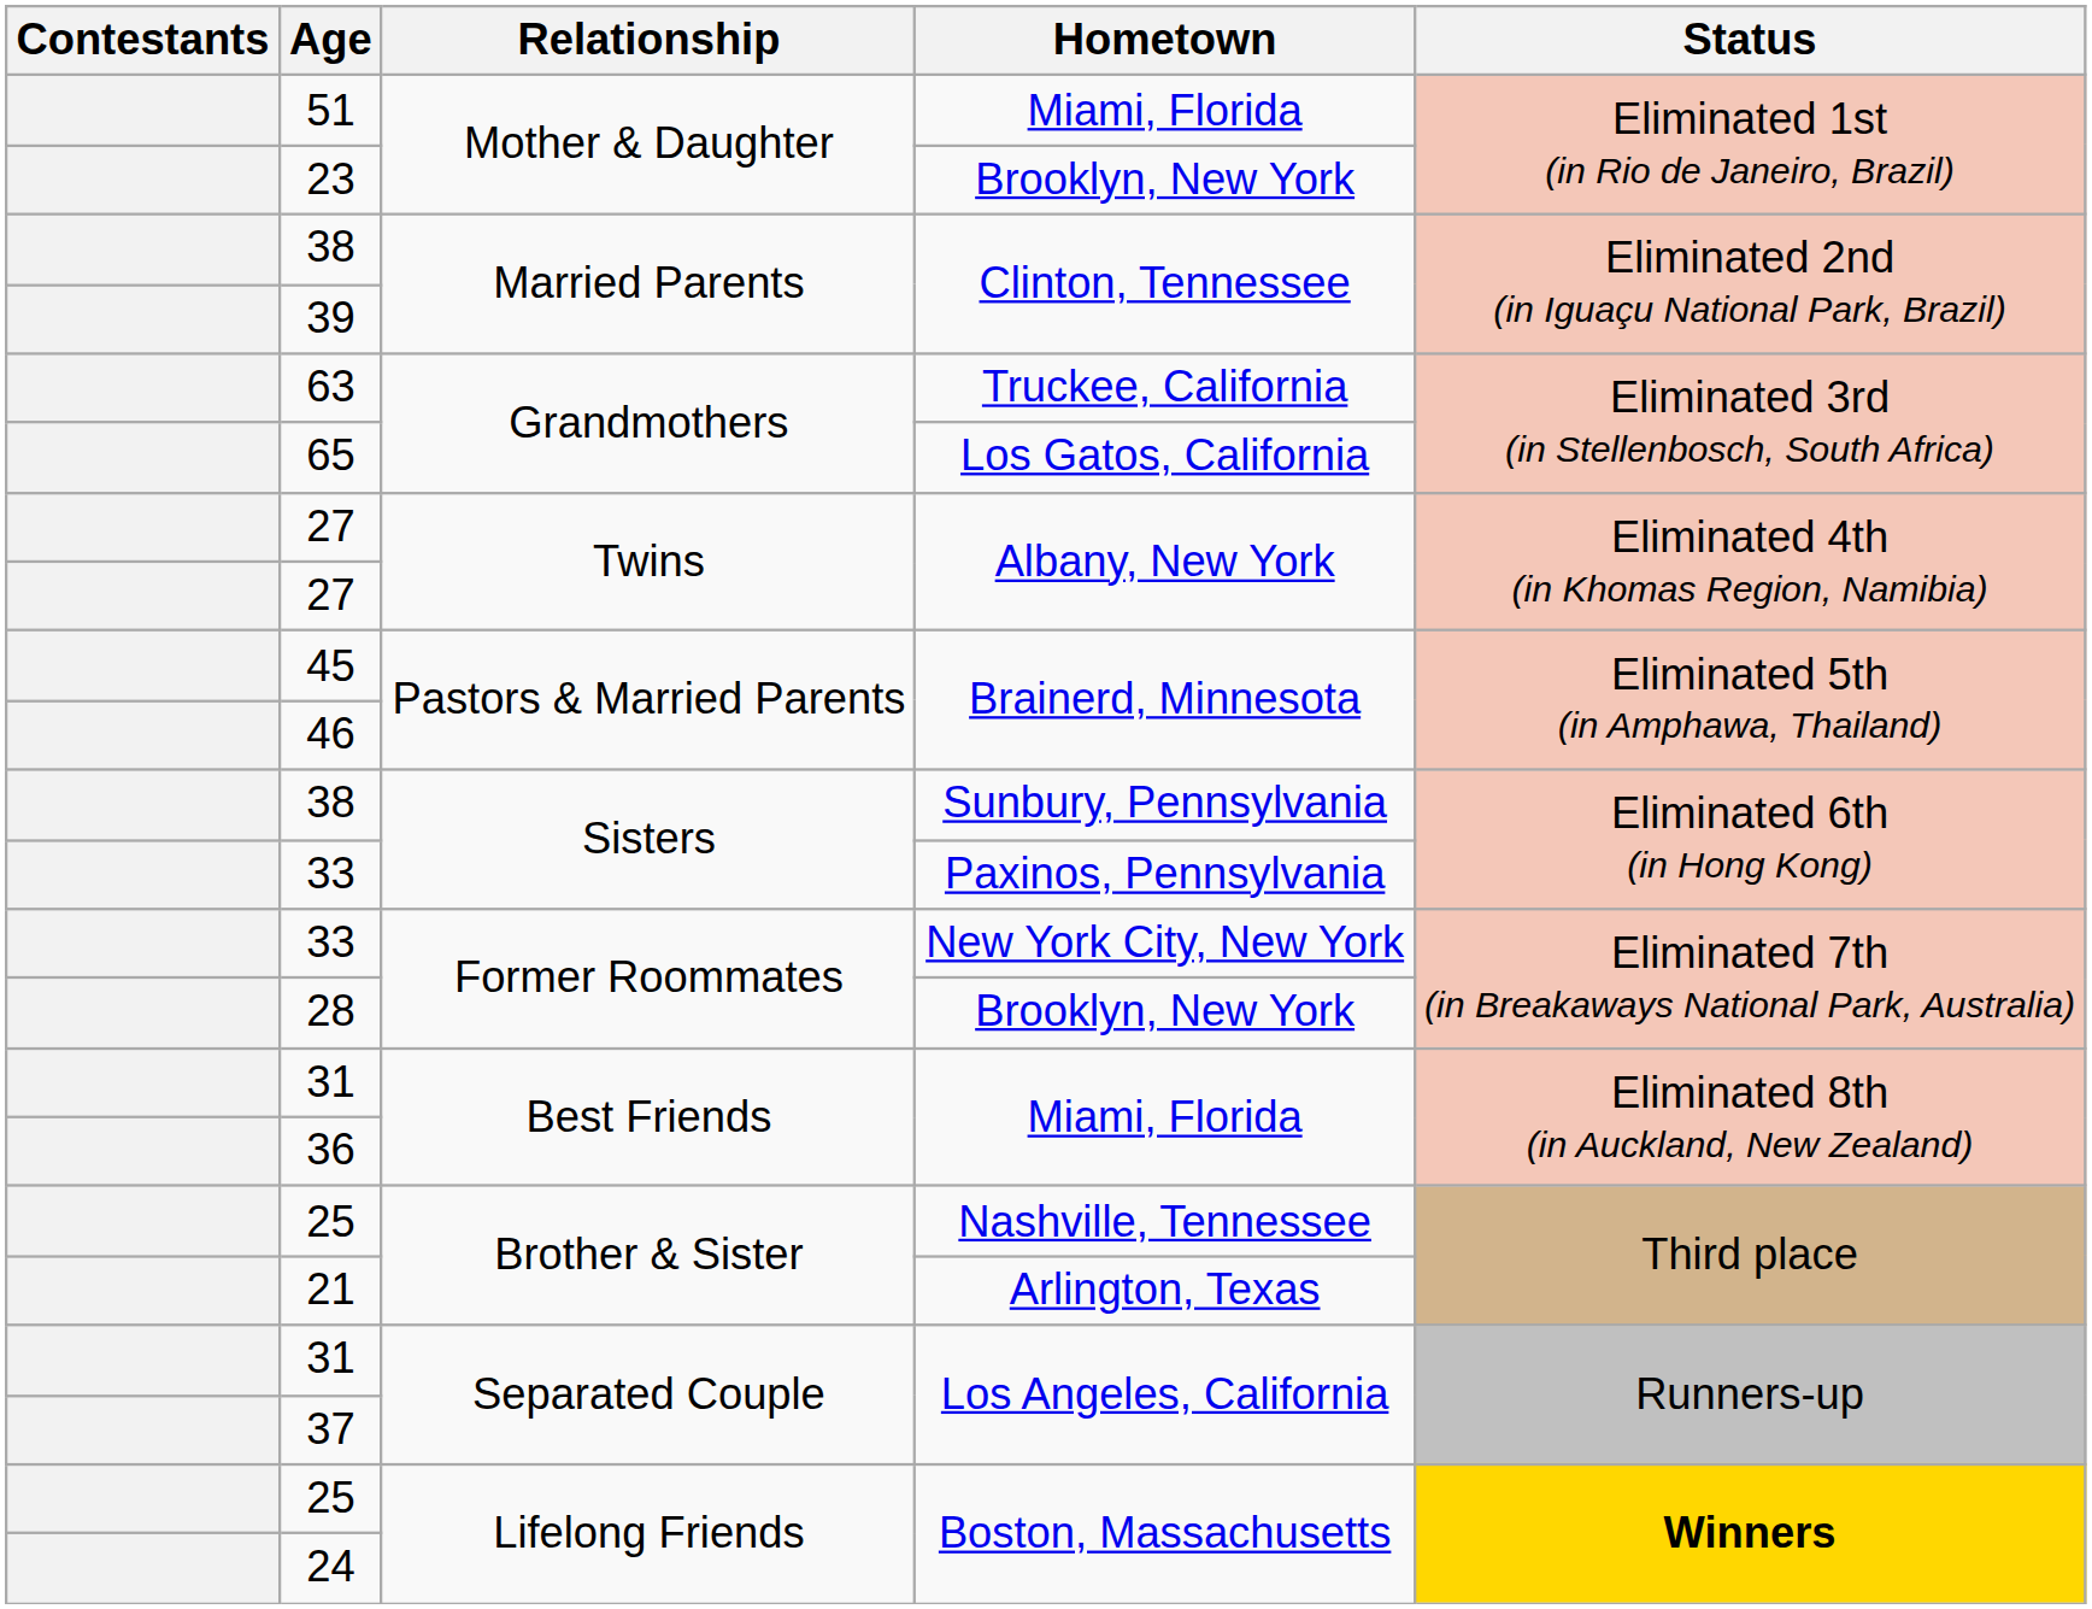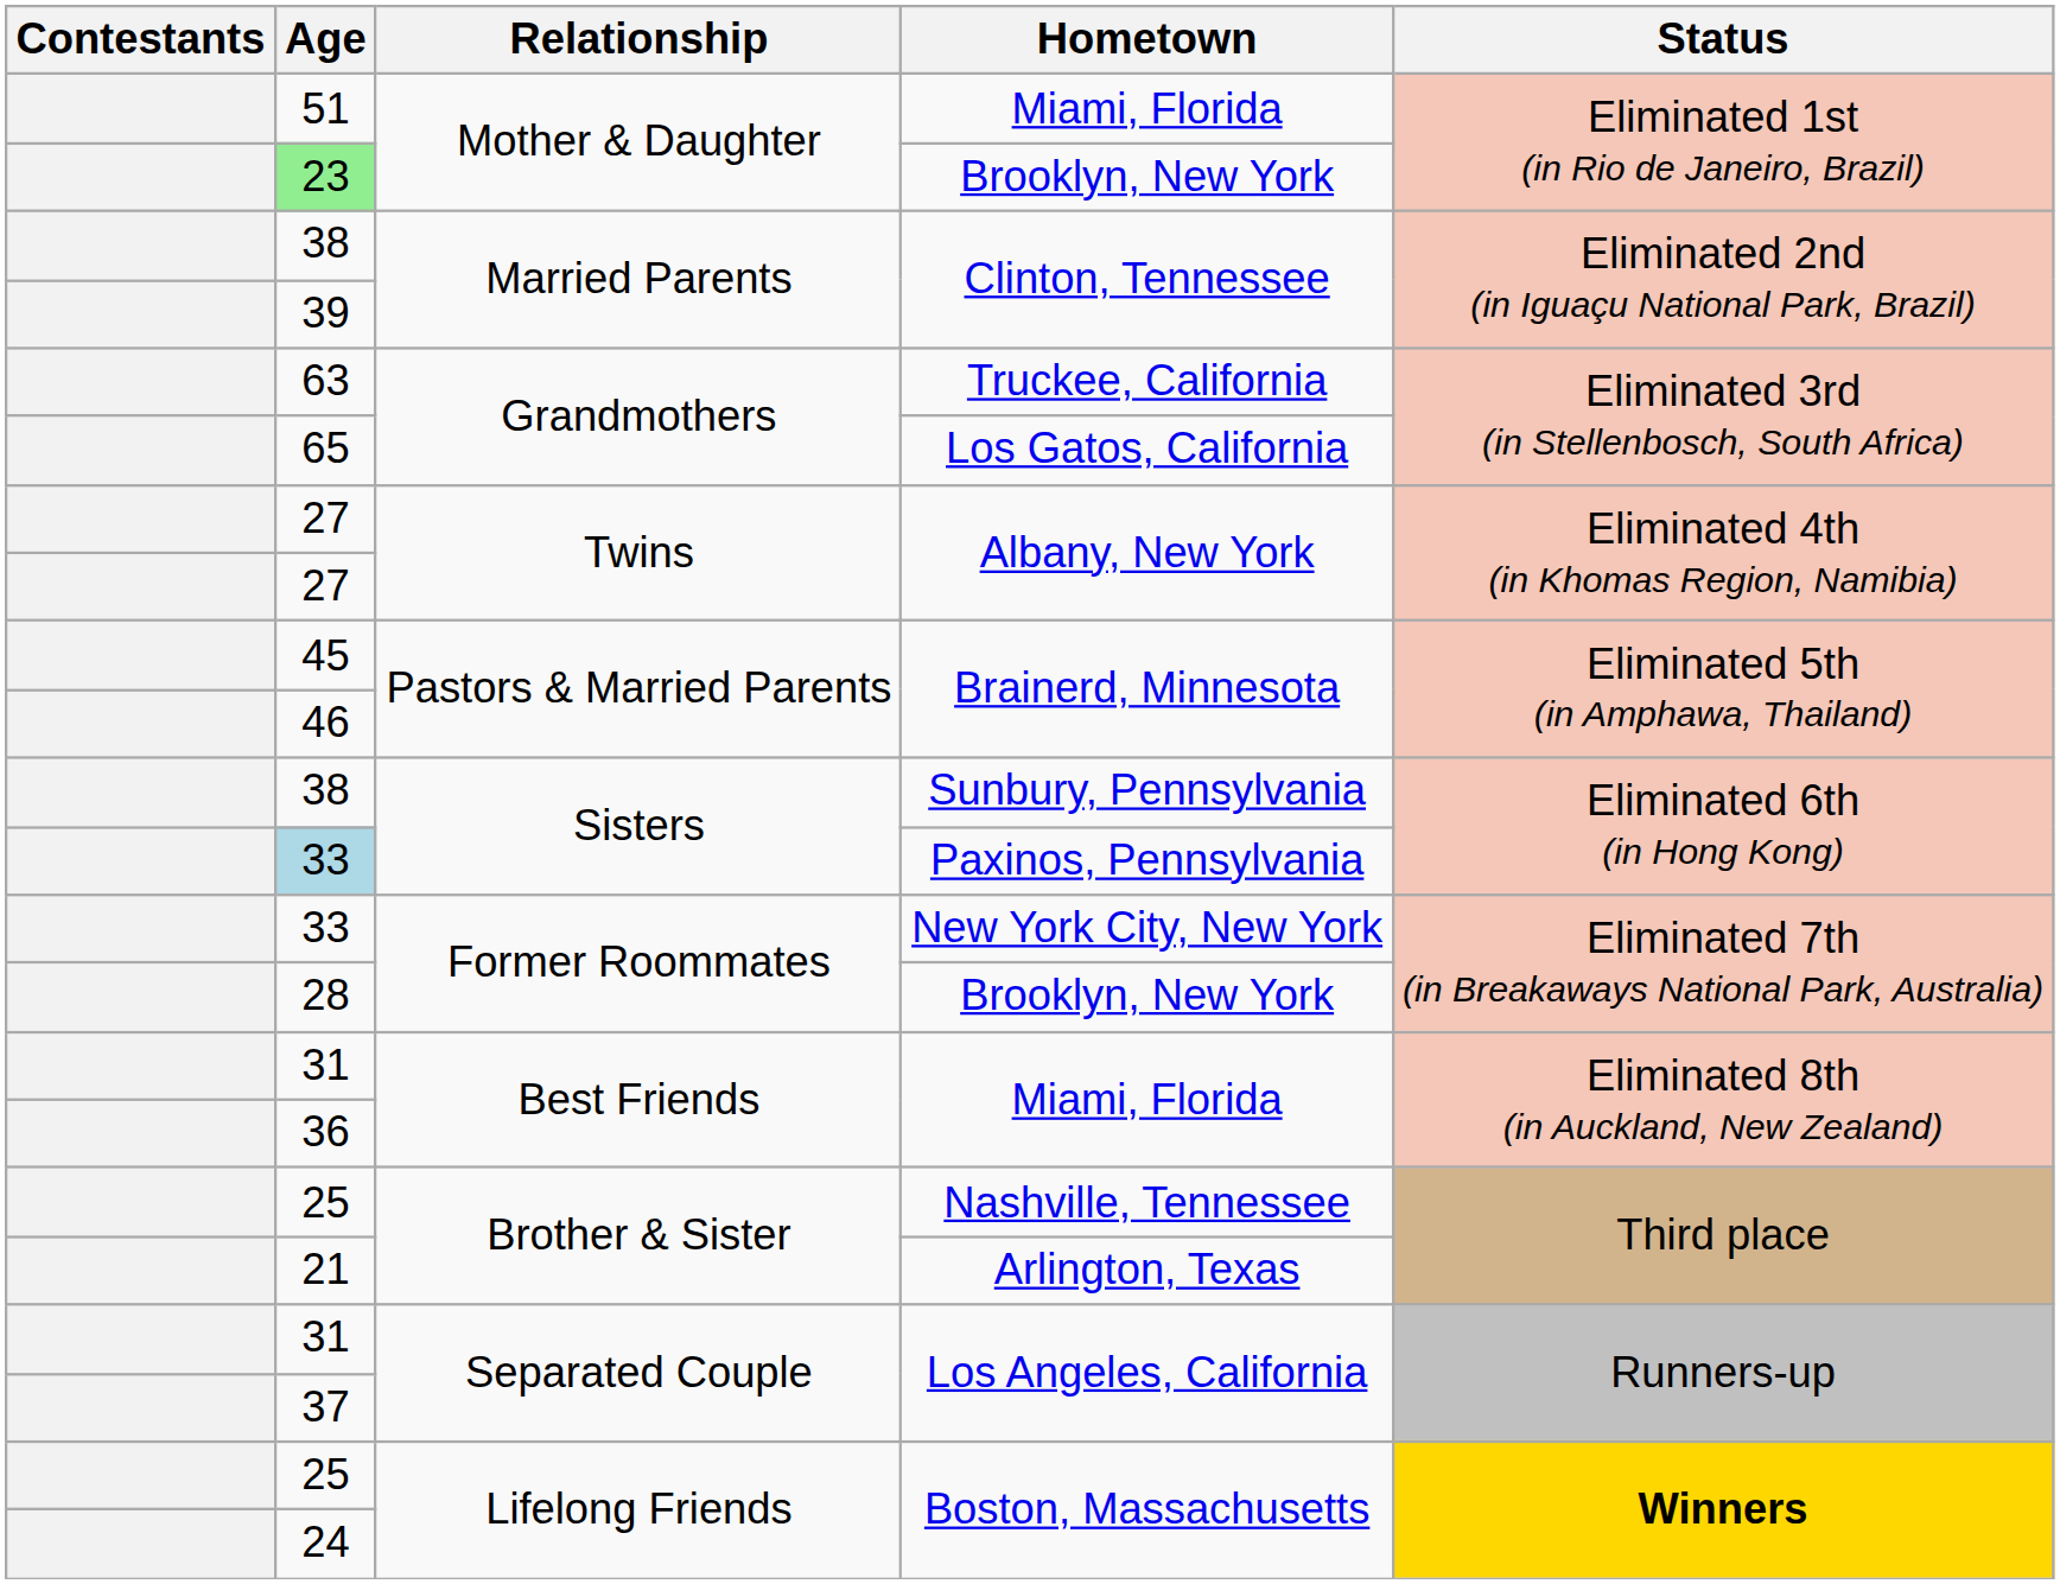 <table class="wikitable sortable" style="text-align:center;">
 <tr>
 <th scope="col">Contestants</th>
 <th scope="col">Age</th>
 <th scope="col" class="unsortable">Relationship</th>
 <th class="unsortable" scope="col">Hometown</th>
 <th scope="col">Status</th>
 </tr>
 <tr>
 <th scope="row"></th>
 <td>51</td>
 <td rowspan="2">Mother & Daughter</td>
 <td><a href='#'>Miami, Florida</a></td>
 <td rowspan="2" bgcolor="f4c7b8">Eliminated 1st<br><small><em>(in Rio de Janeiro, Brazil)</em></small></td>
 </tr>
 <tr>
 <th scope="row"></th>
-<td>23</td>
+<td style="background: lightgreen;">23</td>
 <td><a href='#'>Brooklyn, New York</a></td>
 </tr>
 <tr>
 <th scope="row"></th>
 <td>38</td>
 <td rowspan="2">Married Parents</td>
 <td rowspan="2"><a href='#'>Clinton, Tennessee</a></td>
 <td rowspan="2" bgcolor="f4c7b8">Eliminated 2nd<br><small><em>(in Iguaçu National Park, Brazil)</em></small></td>
 </tr>
 <tr>
 <th scope="row"></th>
 <td>39</td>
 </tr>
 <tr>
 <th scope="row"></th>
 <td>63</td>
 <td rowspan="2">Grandmothers</td>
 <td><a href='#'>Truckee, California</a></td>
 <td rowspan="2" bgcolor="f4c7b8">Eliminated 3rd<br><small><em>(in Stellenbosch, South Africa)</em></small></td>
 </tr>
 <tr>
 <th scope="row"></th>
 <td>65</td>
 <td><a href='#'>Los Gatos, California</a></td>
 </tr>
 <tr>
 <th scope="row"></th>
 <td>27</td>
 <td rowspan="2">Twins</td>
 <td rowspan="2"><a href='#'>Albany, New York</a></td>
 <td rowspan="2" bgcolor="f4c7b8">Eliminated 4th<br><small><em>(in Khomas Region, Namibia)</em></small></td>
 </tr>
 <tr>
 <th scope="row"></th>
 <td>27</td>
 </tr>
 <tr>
 <th scope="row"></th>
 <td>45</td>
 <td rowspan="2">Pastors & Married Parents</td>
 <td rowspan="2"><a href='#'>Brainerd, Minnesota</a></td>
 <td rowspan="2" bgcolor="f4c7b8">Eliminated 5th<br><small><em>(in Amphawa, Thailand)</em></small></td>
 </tr>
 <tr>
 <th scope="row"></th>
 <td>46</td>
 </tr>
 <tr>
 <th scope="row"></th>
 <td>38</td>
 <td rowspan="2">Sisters</td>
 <td><a href='#'>Sunbury, Pennsylvania</a></td>
 <td rowspan="2" bgcolor="f4c7b8">Eliminated 6th<br><small><em>(in Hong Kong)</em></small></td>
 </tr>
 <tr>
 <th scope="row"></th>
-<td>33</td>
+<td style="background: lightblue;">33</td>
 <td><a href='#'>Paxinos, Pennsylvania</a></td>
 </tr>
 <tr>
 <th scope="row"></th>
 <td>33</td>
 <td rowspan="2">Former Roommates</td>
 <td><a href='#'>New York City, New York</a></td>
 <td rowspan="2" bgcolor="f4c7b8">Eliminated 7th<br><small><em>(in Breakaways National Park, Australia)</em></small></td>
 </tr>
 <tr>
 <th scope="row"></th>
 <td>28</td>
 <td><a href='#'>Brooklyn, New York</a></td>
 </tr>
 <tr>
 <th scope="row"></th>
 <td>31</td>
 <td rowspan="2">Best Friends</td>
 <td rowspan="2"><a href='#'>Miami, Florida</a></td>
 <td rowspan="2" bgcolor="f4c7b8">Eliminated 8th<br><small><em>(in Auckland, New Zealand)</em></small></td>
 </tr>
 <tr>
 <th scope="row"></th>
 <td>36</td>
 </tr>
 <tr>
 <th scope="row"></th>
 <td>25</td>
 <td rowspan="2">Brother & Sister</td>
 <td><a href='#'>Nashville, Tennessee</a></td>
 <td rowspan="2" bgcolor="tan">Third place</td>
 </tr>
 <tr>
 <th scope="row"></th>
 <td>21</td>
 <td><a href='#'>Arlington, Texas</a></td>
 </tr>
 <tr>
 <th scope="row"></th>
 <td>31</td>
 <td rowspan="2">Separated Couple</td>
 <td rowspan="2"><a href='#'>Los Angeles, California</a></td>
 <td rowspan="2" bgcolor="silver">Runners-up</td>
 </tr>
 <tr>
 <th scope="row"></th>
 <td>37</td>
 </tr>
 <tr>
 <th scope="row"></th>
 <td>25</td>
 <td rowspan="2">Lifelong Friends</td>
 <td rowspan="2"><a href='#'>Boston, Massachusetts</a></td>
 <td rowspan="2" bgcolor="gold"><strong>Winners</strong></td>
 </tr>
 <tr>
 <th scope="row"></th>
 <td>24</td>
 </tr>
 </table>
